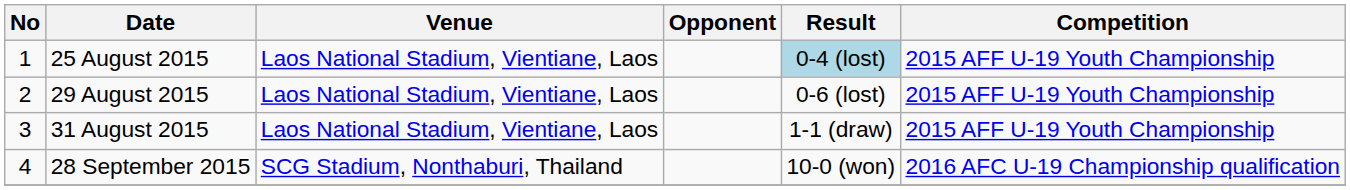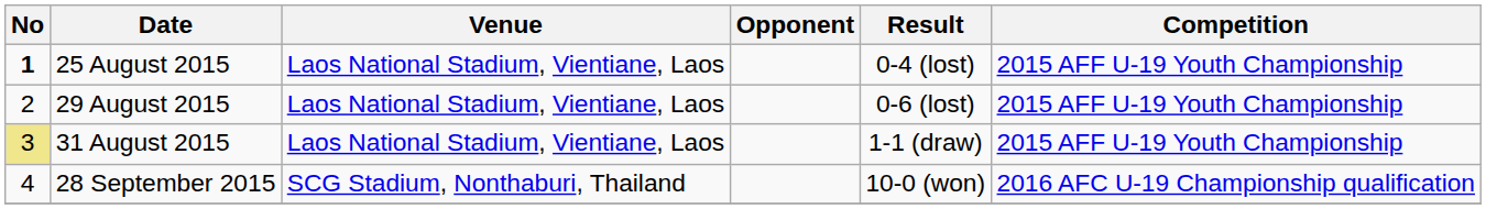 <table class="wikitable">
 <tr>
 <th>No</th>
 <th>Date</th>
 <th>Venue</th>
 <th>Opponent</th>
 <th>Result</th>
 <th>Competition</th>
 </tr>
 <tr>
-<td align=center>1</td>
+<td align=center><strong>1</strong></td>
 <td>25 August 2015</td>
 <td><a href='#'>Laos National Stadium</a>, <a href='#'>Vientiane</a>, Laos</td>
 <td></td>
-<td align=center style="background: lightblue;">0-4 (lost)</td>
+<td align=center>0-4 (lost)</td>
 <td><a href='#'>2015 AFF U-19 Youth Championship</a></td>
 </tr>
 <tr>
 <td align=center>2</td>
 <td>29 August 2015</td>
 <td><a href='#'>Laos National Stadium</a>, <a href='#'>Vientiane</a>, Laos</td>
 <td></td>
 <td align=center>0-6 (lost)</td>
 <td><a href='#'>2015 AFF U-19 Youth Championship</a></td>
 </tr>
 <tr>
-<td align=center>3</td>
+<td align=center style="background: khaki;">3</td>
 <td>31 August 2015</td>
 <td><a href='#'>Laos National Stadium</a>, <a href='#'>Vientiane</a>, Laos</td>
 <td></td>
 <td align=center>1-1 (draw)</td>
 <td><a href='#'>2015 AFF U-19 Youth Championship</a></td>
 </tr>
 <tr>
 <td align=center>4</td>
 <td>28 September 2015</td>
 <td><a href='#'>SCG Stadium</a>, <a href='#'>Nonthaburi</a>, Thailand</td>
 <td></td>
 <td align=center>10-0 (won)</td>
 <td><a href='#'>2016 AFC U-19 Championship qualification</a></td>
 </tr>
 <tr>
 </tr>
 </table>
